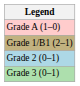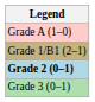 <table class="wikitable" style=font-size:85%>
 <tr>
 <th>Legend</th>
 </tr>
 <tr bgcolor=ffcccc>
 <td>Grade A (1–0)</td>
 </tr>
 <tr bgcolor=C2B280>
 <td>Grade 1/B1 (2–1)</td>
 </tr>
 <tr bgcolor=lightblue>
-<td>Grade 2 (0–1)</td>
+<td><strong>Grade 2 (0–1)</strong></td>
 </tr>
 <tr bgcolor=addfad>
 <td>Grade 3 (0–1)</td>
 </tr>
 </table>
